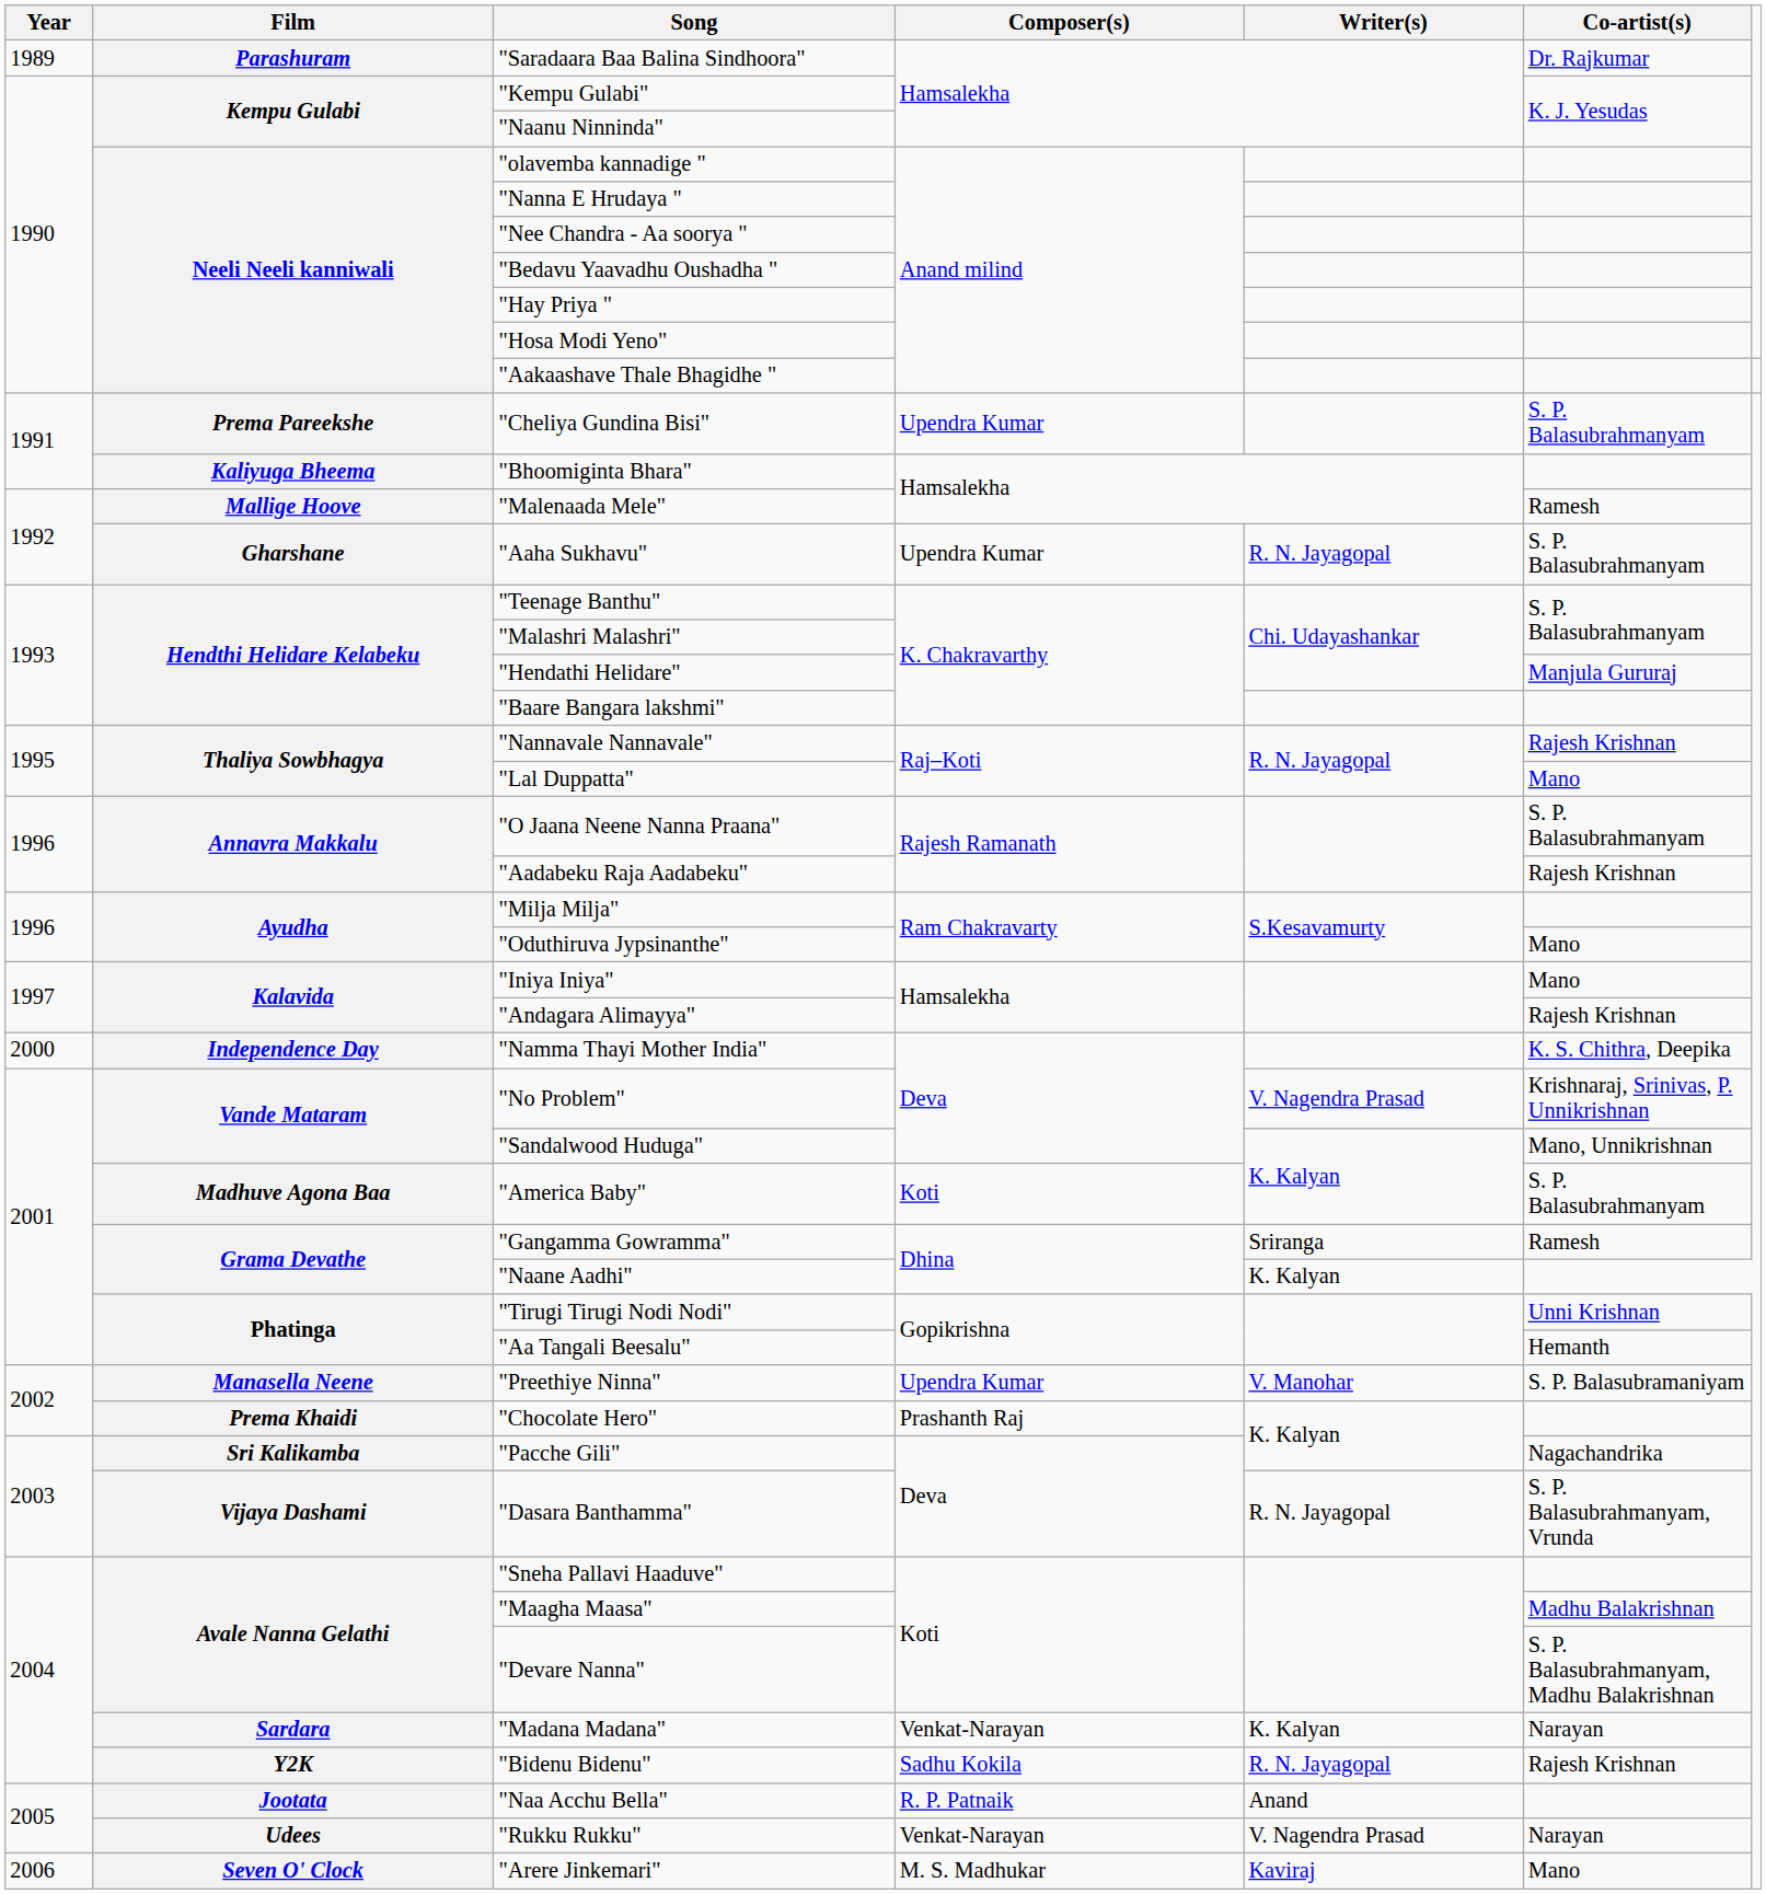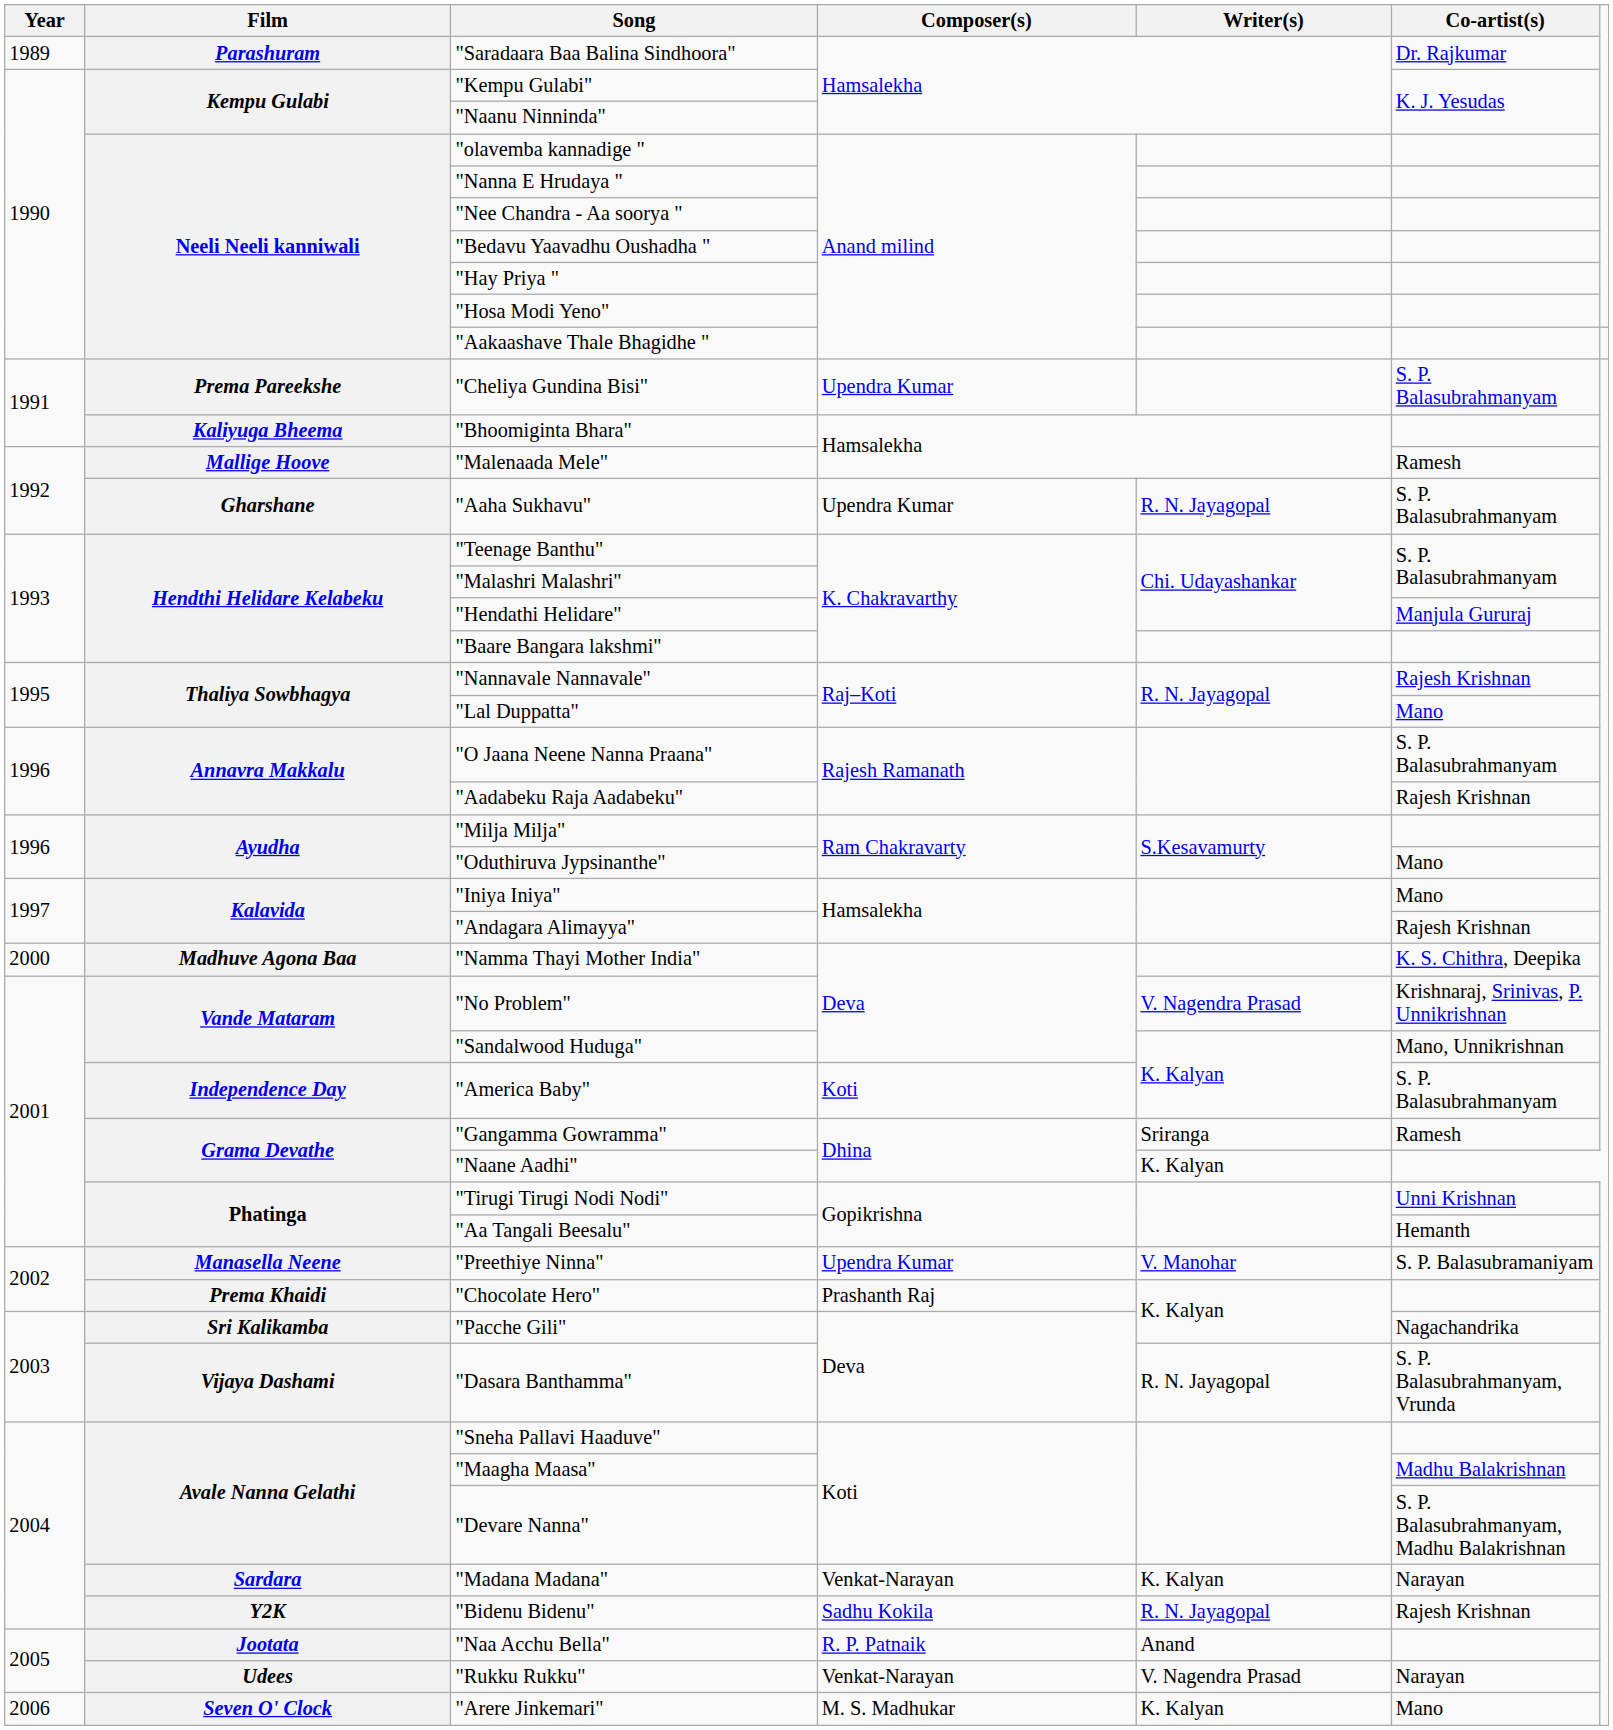 <table class="wikitable plainrowheaders" width="100%" textcolor:#000;">
 <tr style="background:#b0e0e66;">
 <th scope="col" width=5%>Year</th>
 <th scope="col" width=23%>Film</th>
 <th scope="col" width=23%>Song</th>
 <th scope="col" width=20%>Composer(s)</th>
 <th scope="col" width=16%>Writer(s)</th>
 <th scope="col" width=18%>Co-artist(s)</th>
 </tr>
 <tr>
 <td>1989</td>
 <th><em><a href='#'>Parashuram</a></em></th>
 <td>"Saradaara Baa Balina Sindhoora"</td>
 <td colspan="2" rowspan="3"><a href='#'>Hamsalekha</a></td>
 <td><a href='#'>Dr. Rajkumar</a></td>
 </tr>
 <tr>
 <td rowspan="9">1990</td>
 <th rowspan="2"><em>Kempu Gulabi</em></th>
 <td>"Kempu Gulabi"</td>
 <td rowspan="2"><a href='#'>K. J. Yesudas</a></td>
 </tr>
 <tr>
 <td>"Naanu Ninninda"</td>
 </tr>
 <tr>
 <th rowspan="7"><a href='#'>Neeli Neeli kanniwali</a></th>
 <td>"olavemba kannadige "</td>
 <td rowspan="7"><a href='#'>Anand milind</a></td>
 <td></td>
 <td></td>
 </tr>
 <tr>
 <td>"Nanna E Hrudaya "</td>
 <td></td>
 <td></td>
 </tr>
 <tr>
 <td>"Nee Chandra - Aa soorya "</td>
 <td></td>
 <td></td>
 </tr>
 <tr>
 <td>"Bedavu Yaavadhu Oushadha "</td>
 <td></td>
 <td></td>
 </tr>
 <tr>
 <td>"Hay Priya "</td>
 <td></td>
 <td></td>
 </tr>
 <tr>
 <td>"Hosa Modi Yeno"</td>
 <td></td>
 <td></td>
 </tr>
 <tr>
 <td>"Aakaashave Thale Bhagidhe "</td>
 <td></td>
 <td></td>
 <td></td>
 </tr>
 <tr>
 <td rowspan="2">1991</td>
 <th><em>Prema Pareekshe</em></th>
 <td>"Cheliya Gundina Bisi"</td>
 <td><a href='#'>Upendra Kumar</a></td>
 <td></td>
 <td><a href='#'>S. P. Balasubrahmanyam</a></td>
 </tr>
 <tr>
 <th><em><a href='#'>Kaliyuga Bheema</a></em></th>
 <td>"Bhoomiginta Bhara"</td>
 <td colspan="2" rowspan="2">Hamsalekha</td>
 <td></td>
 </tr>
 <tr>
 <td rowspan="2">1992</td>
 <th><em><a href='#'>Mallige Hoove</a></em></th>
 <td>"Malenaada Mele"</td>
 <td>Ramesh</td>
 </tr>
 <tr>
 <th><em>Gharshane</em></th>
 <td>"Aaha Sukhavu"</td>
 <td>Upendra Kumar</td>
 <td><a href='#'>R. N. Jayagopal</a></td>
 <td>S. P. Balasubrahmanyam</td>
 </tr>
 <tr>
 <td rowspan="4">1993</td>
 <th rowspan="4"><em><a href='#'>Hendthi Helidare Kelabeku</a></em></th>
 <td>"Teenage Banthu"</td>
 <td rowspan="4"><a href='#'>K. Chakravarthy</a></td>
 <td rowspan="3"><a href='#'>Chi. Udayashankar</a></td>
 <td rowspan="2">S. P. Balasubrahmanyam</td>
 </tr>
 <tr>
 <td>"Malashri Malashri"</td>
 </tr>
 <tr>
 <td>"Hendathi Helidare"</td>
 <td><a href='#'>Manjula Gururaj</a></td>
 </tr>
 <tr>
 <td>"Baare Bangara lakshmi"</td>
 <td></td>
 <td></td>
 </tr>
 <tr>
 <td rowspan="2">1995</td>
 <th rowspan="2"><em>Thaliya Sowbhagya</em></th>
 <td>"Nannavale Nannavale"</td>
 <td rowspan="2"><a href='#'>Raj–Koti</a></td>
 <td rowspan="2"><a href='#'>R. N. Jayagopal</a></td>
 <td><a href='#'>Rajesh Krishnan</a></td>
 </tr>
 <tr>
 <td>"Lal Duppatta"</td>
 <td><a href='#'>Mano</a></td>
 </tr>
 <tr>
 <td rowspan="2">1996</td>
 <th rowspan="2"><em><a href='#'>Annavra Makkalu</a></em></th>
 <td>"O Jaana Neene Nanna Praana"</td>
 <td rowspan="2"><a href='#'>Rajesh Ramanath</a></td>
 <td rowspan="2"></td>
 <td>S. P. Balasubrahmanyam</td>
 </tr>
 <tr>
 <td>"Aadabeku Raja Aadabeku"</td>
 <td>Rajesh Krishnan</td>
 </tr>
 <tr>
 <td rowspan="2">1996</td>
 <th rowspan="2"><em><a href='#'>Ayudha</a></em></th>
 <td>"Milja Milja"</td>
 <td rowspan="2"><a href='#'>Ram Chakravarty</a></td>
 <td rowspan="2"><a href='#'>S.Kesavamurty</a></td>
 <td></td>
 </tr>
 <tr>
 <td>"Oduthiruva Jypsinanthe"</td>
 <td>Mano</td>
 </tr>
 <tr>
 <td rowspan="2">1997</td>
 <th rowspan="2"><em><a href='#'>Kalavida</a></em></th>
 <td>"Iniya Iniya"</td>
 <td rowspan="2">Hamsalekha</td>
 <td rowspan="2"></td>
 <td>Mano</td>
 </tr>
 <tr>
 <td>"Andagara Alimayya"</td>
 <td>Rajesh Krishnan</td>
 </tr>
 <tr>
 <td>2000</td>
-<th><em><a href='#'>Independence Day</a></em></th>
+<th><em>Madhuve Agona Baa</em></th>
 <td>"Namma Thayi Mother India"</td>
 <td rowspan=3><a href='#'>Deva</a></td>
 <td></td>
 <td><a href='#'>K. S. Chithra</a>, Deepika</td>
 </tr>
 <tr>
 <td rowspan="7">2001</td>
 <th rowspan="2"><em><a href='#'>Vande Mataram</a></em></th>
 <td>"No Problem"</td>
 <td><a href='#'>V. Nagendra Prasad</a></td>
 <td>Krishnaraj, <a href='#'>Srinivas</a>, <a href='#'>P. Unnikrishnan</a></td>
 </tr>
 <tr>
 <td>"Sandalwood Huduga"</td>
 <td rowspan="2"><a href='#'>K. Kalyan</a></td>
 <td>Mano, Unnikrishnan</td>
 </tr>
 <tr>
-<th><em>Madhuve Agona Baa</em></th>
+<th><em><a href='#'>Independence Day</a></em></th>
 <td>"America Baby"</td>
 <td><a href='#'>Koti</a></td>
 <td>S. P. Balasubrahmanyam</td>
 </tr>
 <tr>
 <th rowspan="2"><em><a href='#'>Grama Devathe</a></em></th>
 <td>"Gangamma Gowramma"</td>
 <td rowspan="2"><a href='#'>Dhina</a></td>
 <td>Sriranga</td>
 <td>Ramesh</td>
 </tr>
 <tr>
 <td>"Naane Aadhi"</td>
 <td>K. Kalyan</td>
 </tr>
 <tr>
 <th rowspan="2"><strong>Phatinga</strong></th>
 <td>"Tirugi Tirugi Nodi Nodi"</td>
 <td rowspan="2">Gopikrishna</td>
 <td rowspan="2"></td>
 <td rowspan=><a href='#'>Unni Krishnan</a></td>
 </tr>
 <tr>
 <td>"Aa Tangali Beesalu"</td>
 <td>Hemanth</td>
 </tr>
 <tr>
 <td rowspan="2">2002</td>
 <th><em><a href='#'>Manasella Neene</a></em></th>
 <td>"Preethiye Ninna"</td>
 <td><a href='#'>Upendra Kumar</a></td>
 <td><a href='#'>V. Manohar</a></td>
 <td>S. P. Balasubramaniyam</td>
 </tr>
 <tr>
 <th><em>Prema Khaidi</em></th>
 <td>"Chocolate Hero"</td>
 <td>Prashanth Raj</td>
 <td rowspan="2">K. Kalyan</td>
 <td></td>
 </tr>
 <tr>
 <td rowspan="2">2003</td>
 <th><em>Sri Kalikamba</em></th>
 <td>"Pacche Gili"</td>
 <td rowspan="2">Deva</td>
 <td>Nagachandrika</td>
 </tr>
 <tr>
 <th><em>Vijaya Dashami</em></th>
 <td>"Dasara Banthamma"</td>
 <td>R. N. Jayagopal</td>
 <td>S. P. Balasubrahmanyam, Vrunda</td>
 </tr>
 <tr>
 <td rowspan="5">2004</td>
 <th rowspan="3"><em>Avale Nanna Gelathi</em></th>
 <td>"Sneha Pallavi Haaduve"</td>
 <td rowspan="3">Koti</td>
 <td rowspan="3"></td>
 <td></td>
 </tr>
 <tr>
 <td>"Maagha Maasa"</td>
 <td><a href='#'>Madhu Balakrishnan</a></td>
 </tr>
 <tr>
 <td>"Devare Nanna"</td>
 <td>S. P. Balasubrahmanyam, Madhu Balakrishnan</td>
 </tr>
 <tr>
 <th><em><a href='#'>Sardara</a></em></th>
 <td>"Madana Madana"</td>
 <td>Venkat-Narayan</td>
 <td>K. Kalyan</td>
 <td>Narayan</td>
 </tr>
 <tr>
 <th><em>Y2K</em></th>
 <td>"Bidenu Bidenu"</td>
 <td><a href='#'>Sadhu Kokila</a></td>
 <td><a href='#'>R. N. Jayagopal</a></td>
 <td>Rajesh Krishnan</td>
 </tr>
 <tr>
 <td rowspan="2">2005</td>
 <th><em><a href='#'>Jootata</a></em></th>
 <td>"Naa Acchu Bella"</td>
 <td><a href='#'>R. P. Patnaik</a></td>
 <td>Anand</td>
 <td></td>
 </tr>
 <tr>
 <th><em>Udees</em></th>
 <td>"Rukku Rukku"</td>
 <td>Venkat-Narayan</td>
 <td>V. Nagendra Prasad</td>
 <td>Narayan</td>
 </tr>
 <tr>
 <td>2006</td>
 <th><em><a href='#'>Seven O' Clock</a></em></th>
 <td>"Arere Jinkemari"</td>
 <td>M. S. Madhukar</td>
-<td><a href='#'>Kaviraj</a></td>
+<td>K. Kalyan</td>
 <td>Mano</td>
 </tr>
 <tr>
 </tr>
 </table>
